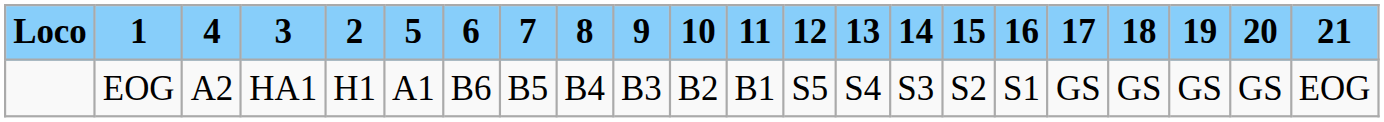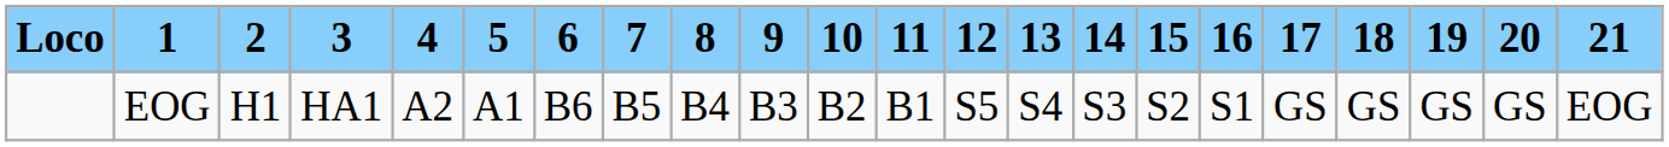 <table class="wikitable plainrowheaders unsortable" style="text-align:center">
 <tr>
 <th rowspan="1" scope="col" style="background:lightskyblue;">Loco</th>
 <th rowspan="1" scope="col" style="background:lightskyblue;">1</th>
+<th rowspan="1" scope="col" style="background:lightskyblue;">2</th>
+<th rowspan="1" scope="col" style="background:lightskyblue;">3</th>
 <th rowspan="1" scope="col" style="background:lightskyblue;">4</th>
-<th rowspan="1" scope="col" style="background:lightskyblue;">3</th>
-<th rowspan="1" scope="col" style="background:lightskyblue;">2</th>
 <th rowspan="1" scope="col" style="background:lightskyblue;">5</th>
 <th rowspan="1" scope="col" style="background:lightskyblue;">6</th>
 <th rowspan="1" scope="col" style="background:lightskyblue;">7</th>
 <th rowspan="1" scope="col" style="background:lightskyblue;">8</th>
 <th rowspan="1" scope="col" style="background:lightskyblue;">9</th>
 <th rowspan="1" scope="col" style="background:lightskyblue;">10</th>
 <th rowspan="1" scope="col" style="background:lightskyblue;">11</th>
 <th rowspan="1" scope="col" style="background:lightskyblue;">12</th>
 <th rowspan="1" scope="col" style="background:lightskyblue;">13</th>
 <th rowspan="1" scope="col" style="background:lightskyblue;">14</th>
 <th rowspan="1" scope="col" style="background:lightskyblue;">15</th>
 <th rowspan="1" scope="col" style="background:lightskyblue;">16</th>
 <th rowspan="1" scope="col" style="background:lightskyblue;">17</th>
 <th rowspan="1" scope="col" style="background:lightskyblue;">18</th>
 <th rowspan="1" scope="col" style="background:lightskyblue;">19</th>
 <th rowspan="1" scope="col" style="background:lightskyblue;">20</th>
 <th rowspan="1" scope="col" style="background:lightskyblue;">21</th>
 </tr>
 <tr>
 <td></td>
 <td>EOG</td>
+<td>H1</td>
+<td>HA1</td>
 <td>A2</td>
-<td>HA1</td>
-<td>H1</td>
 <td>A1</td>
 <td>B6</td>
 <td>B5</td>
 <td>B4</td>
 <td>B3</td>
 <td>B2</td>
 <td>B1</td>
 <td>S5</td>
 <td>S4</td>
 <td>S3</td>
 <td>S2</td>
 <td>S1</td>
 <td>GS</td>
 <td>GS</td>
 <td>GS</td>
 <td>GS</td>
 <td>EOG</td>
 </tr>
 </table>
